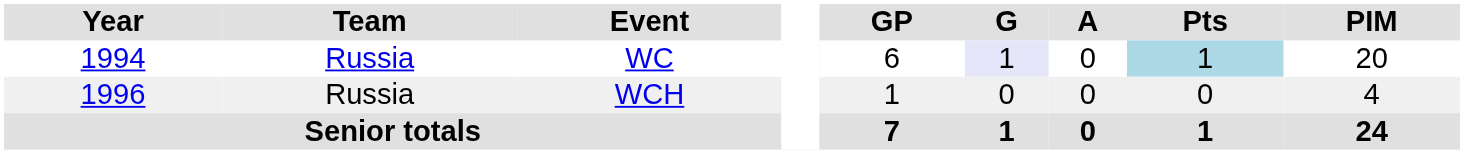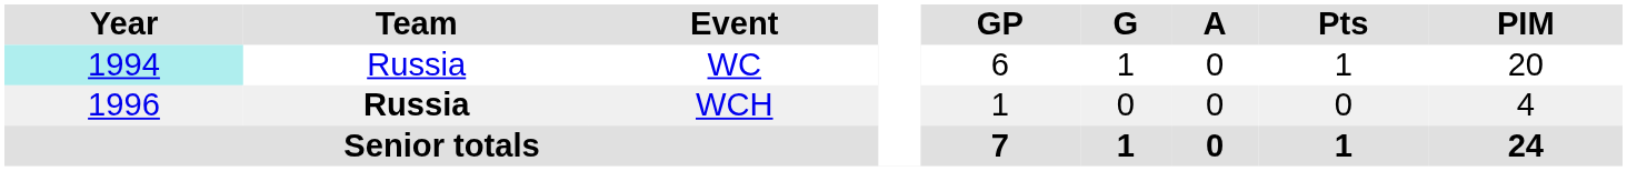 <table border="0" cellpadding="1" cellspacing="0" style="text-align:center; width:50em">
 <tr ALIGN="center" bgcolor="#e0e0e0">
 <th>Year</th>
 <th>Team</th>
 <th>Event</th>
 <th ALIGN="center" rowspan="99" bgcolor="#ffffff"> </th>
 <th>GP</th>
 <th>G</th>
 <th>A</th>
 <th>Pts</th>
 <th>PIM</th>
 </tr>
 <tr>
-<td><a href='#'>1994</a></td>
+<td style="background: paleturquoise;"><a href='#'>1994</a></td>
 <td><a href='#'>Russia</a></td>
 <td><a href='#'>WC</a></td>
 <td>6</td>
-<td style="background: lavender;">1</td>
+<td>1</td>
 <td>0</td>
-<td style="background: lightblue;">1</td>
+<td>1</td>
 <td>20</td>
 </tr>
 <tr bgcolor="#f0f0f0">
 <td><a href='#'>1996</a></td>
-<td>Russia</td>
+<td><strong>Russia</strong></td>
 <td><a href='#'>WCH</a></td>
 <td>1</td>
 <td>0</td>
 <td>0</td>
 <td>0</td>
 <td>4</td>
 </tr>
 <tr bgcolor="#e0e0e0">
 <th colspan=3>Senior totals</th>
 <th>7</th>
 <th>1</th>
 <th>0</th>
 <th>1</th>
 <th>24</th>
 </tr>
 </table>
